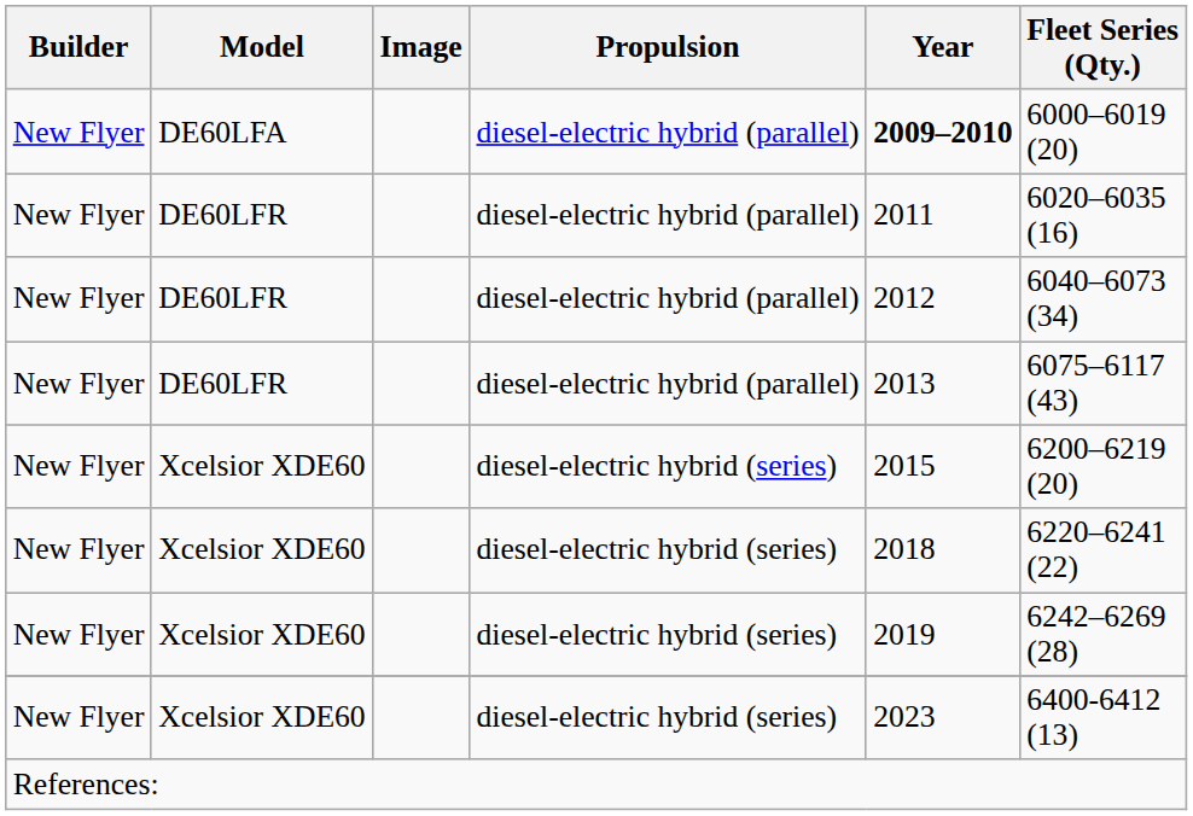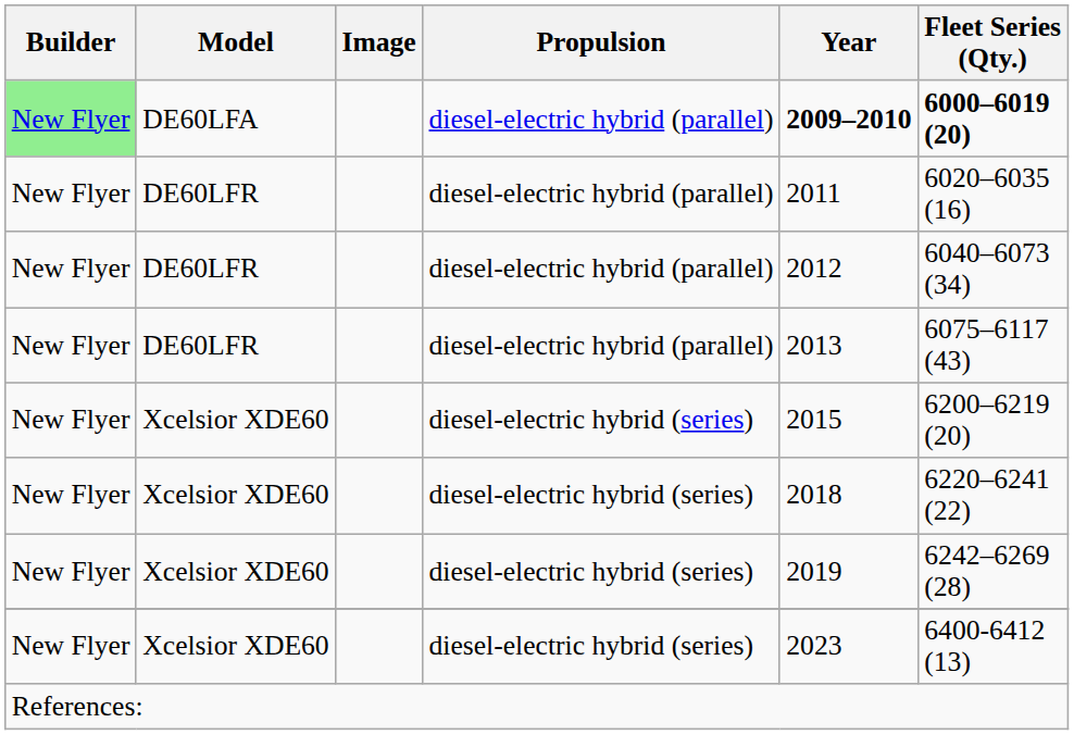 <table class=wikitable>
 <tr>
 <th>Builder</th>
 <th>Model</th>
 <th>Image</th>
 <th>Propulsion</th>
 <th>Year</th>
 <th>Fleet Series<br>(Qty.)</th>
 </tr>
 <tr>
-<td><a href='#'>New Flyer</a></td>
+<td style="background: lightgreen;"><a href='#'>New Flyer</a></td>
 <td>DE60LFA</td>
 <td></td>
 <td><a href='#'>diesel-electric hybrid</a> (<a href='#'>parallel</a>)</td>
 <td><strong>2009–2010</strong></td>
-<td>6000–6019<br>(20)</td>
+<td><strong>6000–6019<br>(20)</strong></td>
 </tr>
 <tr>
 <td>New Flyer</td>
 <td>DE60LFR</td>
 <td></td>
 <td>diesel-electric hybrid (parallel)</td>
 <td>2011</td>
 <td>6020–6035<br>(16)</td>
 </tr>
 <tr>
 <td>New Flyer</td>
 <td>DE60LFR</td>
 <td></td>
 <td>diesel-electric hybrid (parallel)</td>
 <td>2012</td>
 <td>6040–6073<br>(34)</td>
 </tr>
 <tr>
 <td>New Flyer</td>
 <td>DE60LFR</td>
 <td></td>
 <td>diesel-electric hybrid (parallel)</td>
 <td>2013</td>
 <td>6075–6117<br>(43)</td>
 </tr>
 <tr>
 <td>New Flyer</td>
 <td>Xcelsior XDE60</td>
 <td></td>
 <td>diesel-electric hybrid (<a href='#'>series</a>)</td>
 <td>2015</td>
 <td>6200–6219<br>(20)</td>
 </tr>
 <tr>
 <td>New Flyer</td>
 <td>Xcelsior XDE60</td>
 <td></td>
 <td>diesel-electric hybrid (series)</td>
 <td>2018</td>
 <td>6220–6241<br>(22)</td>
 </tr>
 <tr>
 <td>New Flyer</td>
 <td>Xcelsior XDE60</td>
 <td></td>
 <td>diesel-electric hybrid (series)</td>
 <td>2019</td>
 <td>6242–6269<br>(28)</td>
 </tr>
 <tr>
 </tr>
 <tr>
 <td>New Flyer</td>
 <td>Xcelsior XDE60</td>
 <td></td>
 <td>diesel-electric hybrid (series)</td>
 <td>2023</td>
 <td>6400-6412<br>(13)</td>
 </tr>
 <tr>
 <td colspan=7>References:</td>
 </tr>
 </table>
